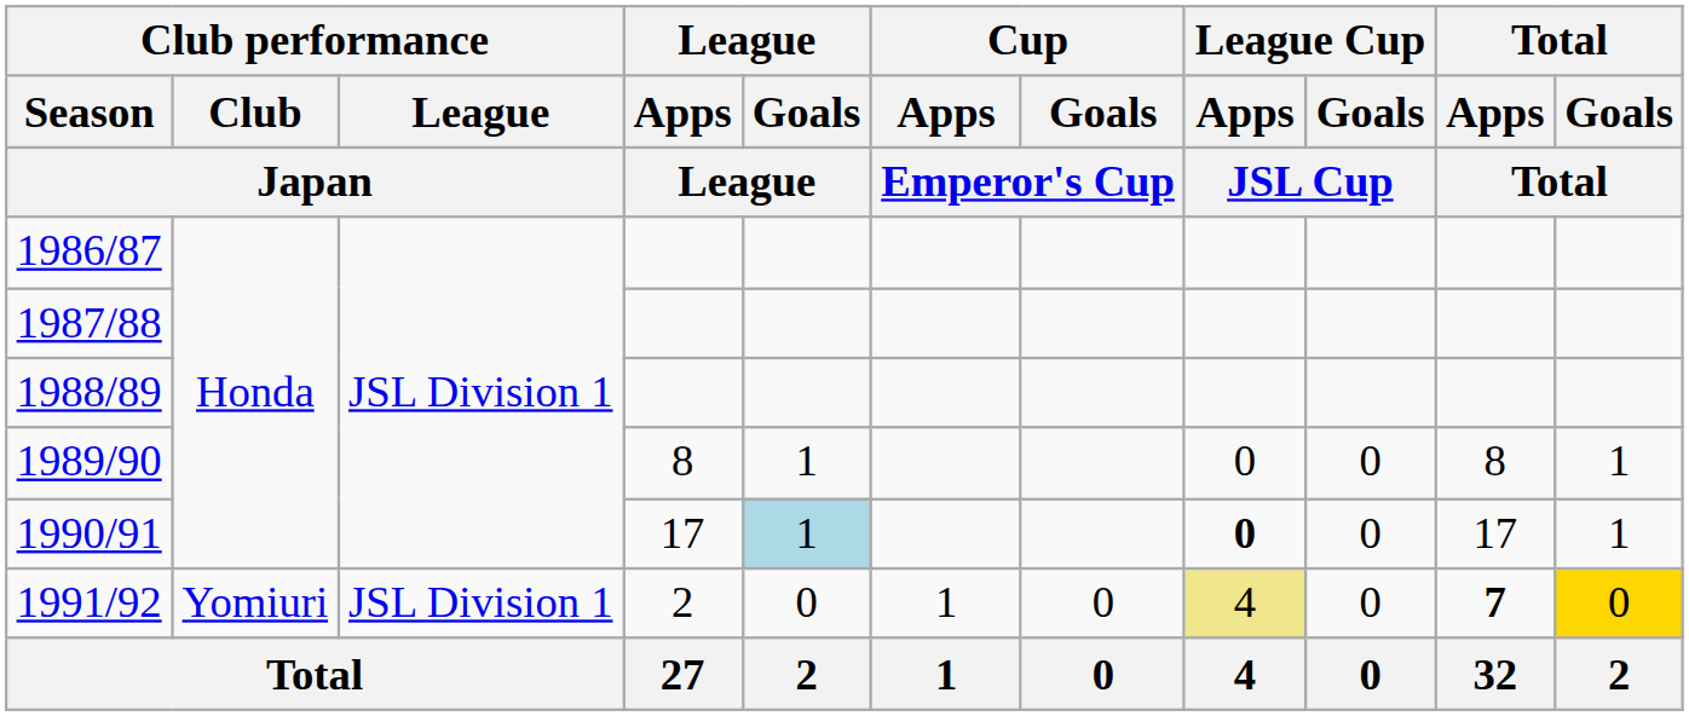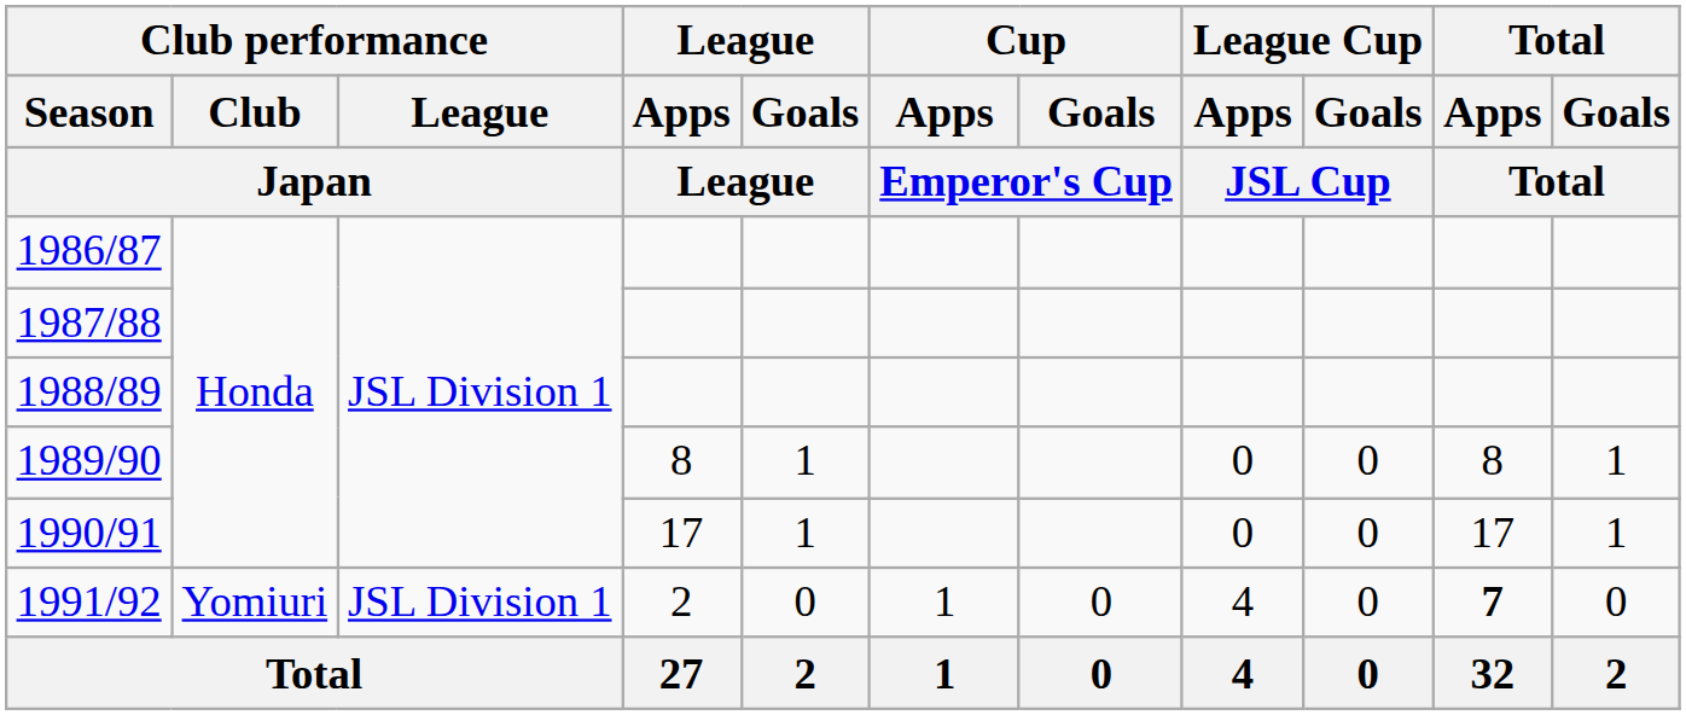 <table class="wikitable" style="text-align:center;">
 <tr>
 <th colspan=3>Club performance</th>
 <th colspan=2>League</th>
 <th colspan=2>Cup</th>
 <th colspan=2>League Cup</th>
 <th colspan=2>Total</th>
 </tr>
 <tr>
 <th>Season</th>
 <th>Club</th>
 <th>League</th>
 <th>Apps</th>
 <th>Goals</th>
 <th>Apps</th>
 <th>Goals</th>
 <th>Apps</th>
 <th>Goals</th>
 <th>Apps</th>
 <th>Goals</th>
 </tr>
 <tr>
 <th colspan=3>Japan</th>
 <th colspan=2>League</th>
 <th colspan=2><a href='#'>Emperor's Cup</a></th>
 <th colspan=2><a href='#'>JSL Cup</a></th>
 <th colspan=2>Total</th>
 </tr>
 <tr>
 <td><a href='#'>1986/87</a></td>
 <td rowspan="5"><a href='#'>Honda</a></td>
 <td rowspan="5"><a href='#'>JSL Division 1</a></td>
 <td></td>
 <td></td>
 <td></td>
 <td></td>
 <td></td>
 <td></td>
 <td></td>
 <td></td>
 </tr>
 <tr>
 <td><a href='#'>1987/88</a></td>
 <td></td>
 <td></td>
 <td></td>
 <td></td>
 <td></td>
 <td></td>
 <td></td>
 <td></td>
 </tr>
 <tr>
 <td><a href='#'>1988/89</a></td>
 <td></td>
 <td></td>
 <td></td>
 <td></td>
 <td></td>
 <td></td>
 <td></td>
 <td></td>
 </tr>
 <tr>
 <td><a href='#'>1989/90</a></td>
 <td>8</td>
 <td>1</td>
 <td></td>
 <td></td>
 <td>0</td>
 <td>0</td>
 <td>8</td>
 <td>1</td>
 </tr>
 <tr>
 <td><a href='#'>1990/91</a></td>
 <td>17</td>
-<td style="background: lightblue;">1</td>
+<td>1</td>
 <td></td>
 <td></td>
-<td><strong>0</strong></td>
+<td>0</td>
 <td>0</td>
 <td>17</td>
 <td>1</td>
 </tr>
 <tr>
 <td><a href='#'>1991/92</a></td>
 <td><a href='#'>Yomiuri</a></td>
 <td><a href='#'>JSL Division 1</a></td>
 <td>2</td>
 <td>0</td>
 <td>1</td>
 <td>0</td>
-<td style="background: khaki;">4</td>
+<td>4</td>
 <td>0</td>
 <td><strong>7</strong></td>
-<td style="background: gold;">0</td>
+<td>0</td>
 </tr>
 <tr>
 <th colspan=3>Total</th>
 <th>27</th>
 <th>2</th>
 <th>1</th>
 <th>0</th>
 <th>4</th>
 <th>0</th>
 <th>32</th>
 <th>2</th>
 </tr>
 </table>
